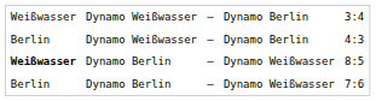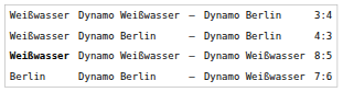 <table cellspacing="0" border="0" cellpadding="6" style="border:1px solid #bbb; background-color:#FFFFFF;">
 <tr>
 <td>Weißwasser</td>
 <td>Dynamo Weißwasser</td>
 <td>–</td>
 <td>Dynamo Berlin</td>
 <td>3:4</td>
 </tr>
 <tr>
-<td>Berlin</td>
-<td>Dynamo Weißwasser</td>
+<td>Weißwasser</td>
+<td>Dynamo Berlin</td>
 <td>–</td>
 <td>Dynamo Berlin</td>
 <td>4:3</td>
 </tr>
 <tr>
 <td><strong>Weißwasser</strong></td>
-<td>Dynamo Berlin</td>
+<td>Dynamo Weißwasser</td>
 <td>–</td>
 <td>Dynamo Weißwasser</td>
 <td>8:5</td>
 </tr>
 <tr>
 <td>Berlin</td>
 <td>Dynamo Berlin</td>
 <td>–</td>
 <td>Dynamo Weißwasser</td>
 <td>7:6</td>
 </tr>
 </table>
